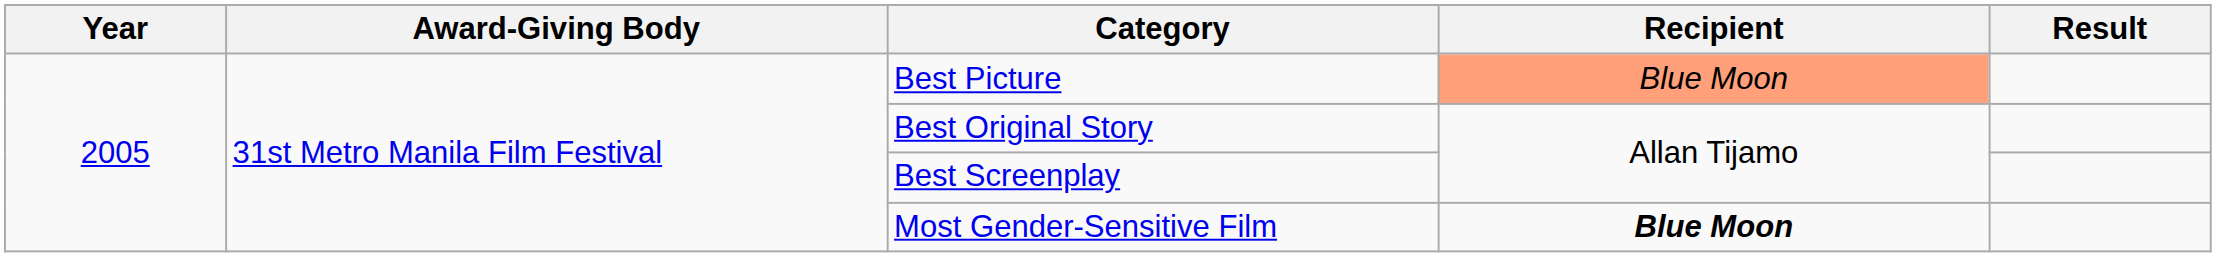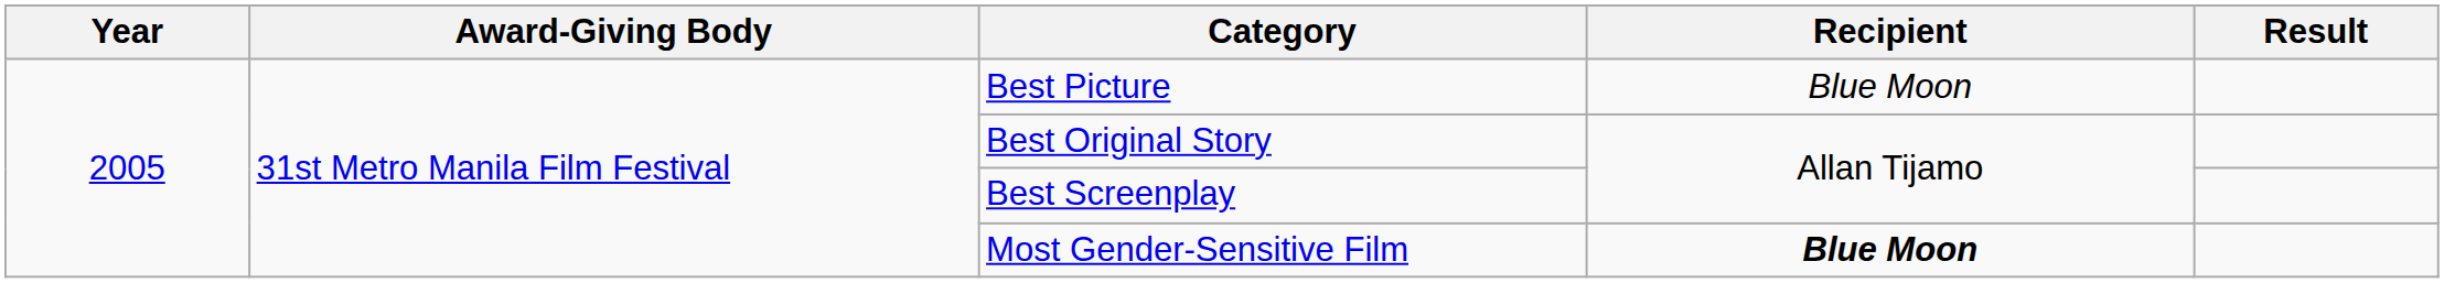 <table | width="90%" class="wikitable sortable">
 <tr>
 <th width="10%">Year</th>
 <th width="30%">Award-Giving Body</th>
 <th width="25%">Category</th>
 <th width="25%">Recipient</th>
 <th width="10%">Result</th>
 </tr>
 <tr>
 <td rowspan="4" align="center"><a href='#'>2005</a></td>
 <td rowspan="4" align="left"><a href='#'>31st Metro Manila Film Festival</a></td>
 <td align="left"><a href='#'>Best Picture</a></td>
-<td align="center" style="background: lightsalmon;"><em>Blue Moon</em></td>
+<td align="center"><em>Blue Moon</em></td>
 <td></td>
 </tr>
 <tr>
 <td align="left"><a href='#'>Best Original Story</a></td>
 <td align="center" rowspan=2>Allan Tijamo</td>
 <td></td>
 </tr>
 <tr>
 <td><a href='#'>Best Screenplay</a></td>
 <td></td>
 </tr>
 <tr>
 <td><a href='#'>Most Gender-Sensitive Film</a></td>
 <td align=center><strong><em>Blue Moon</em></strong></td>
 <td></td>
 </tr>
 </table>
